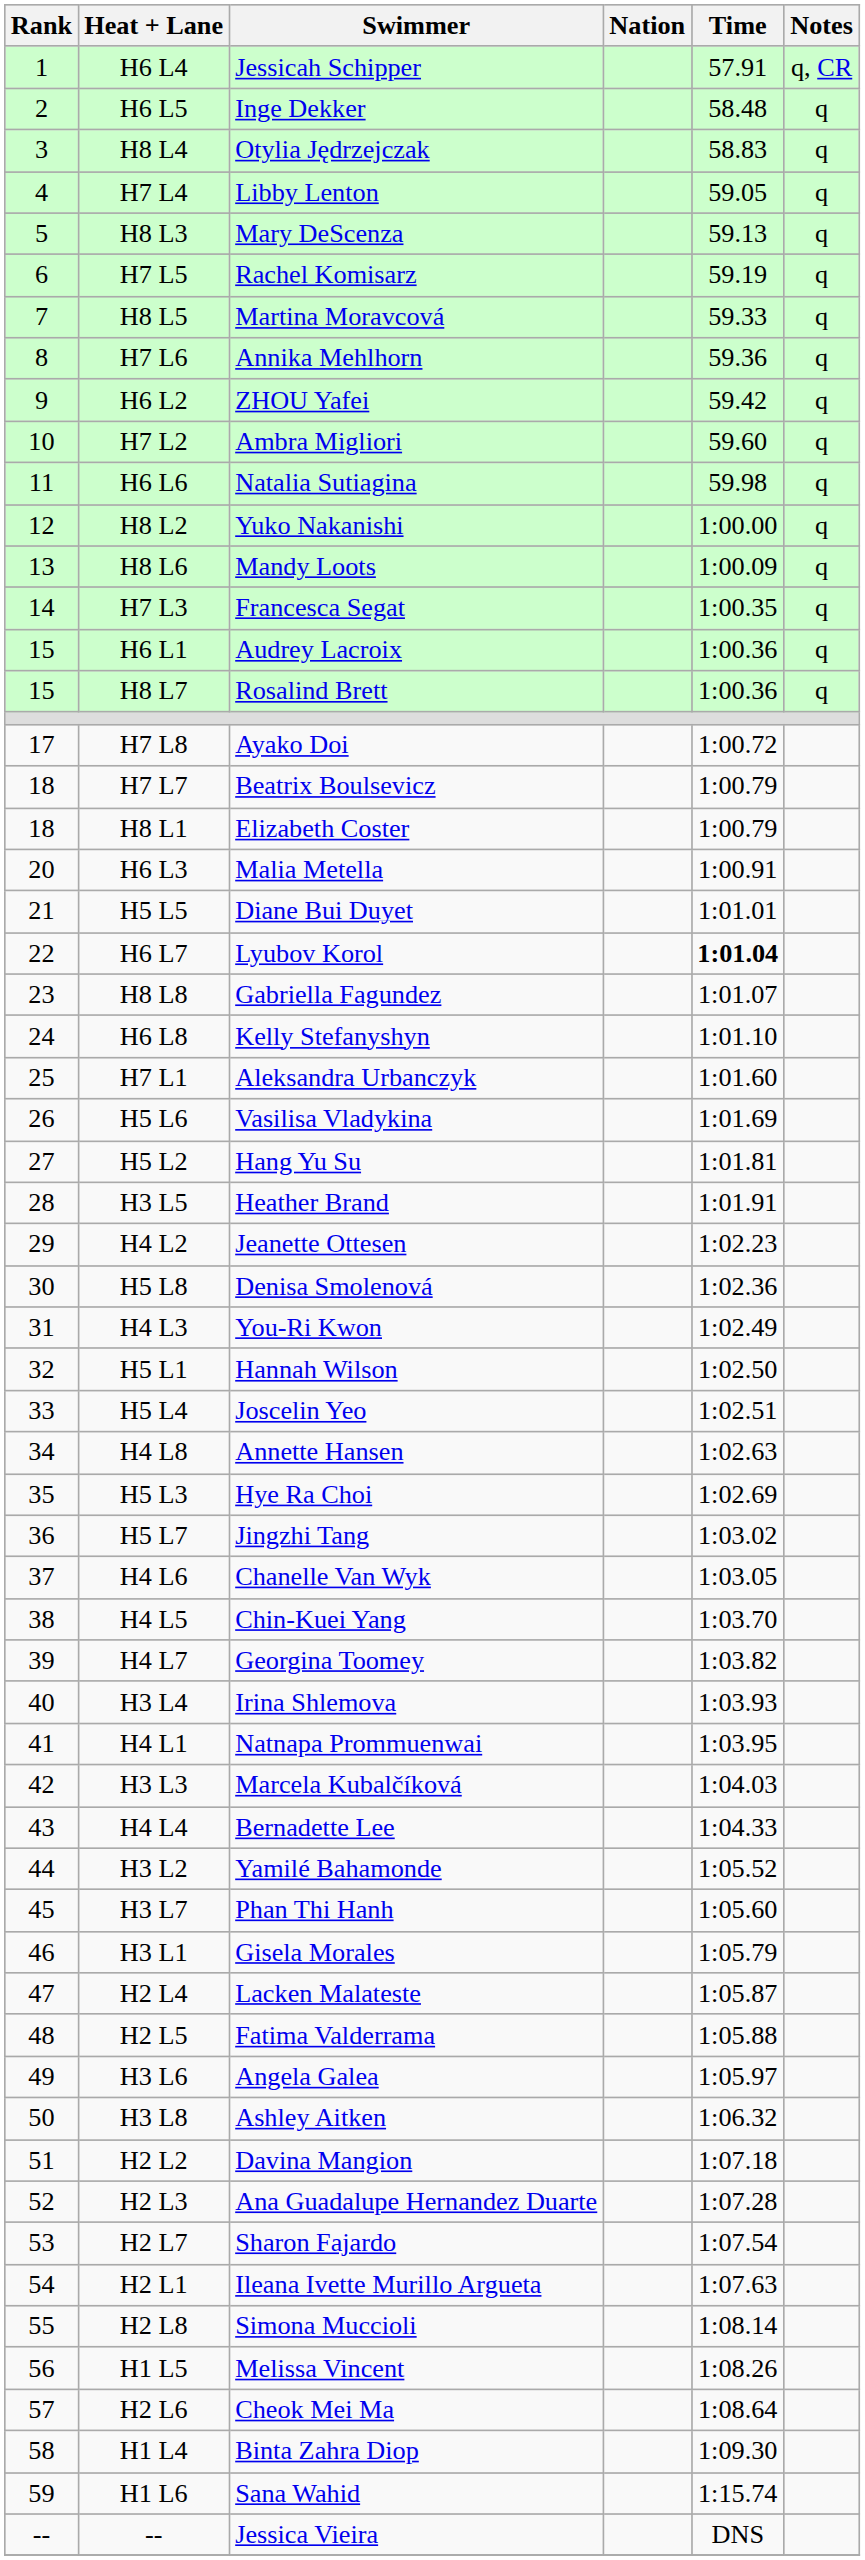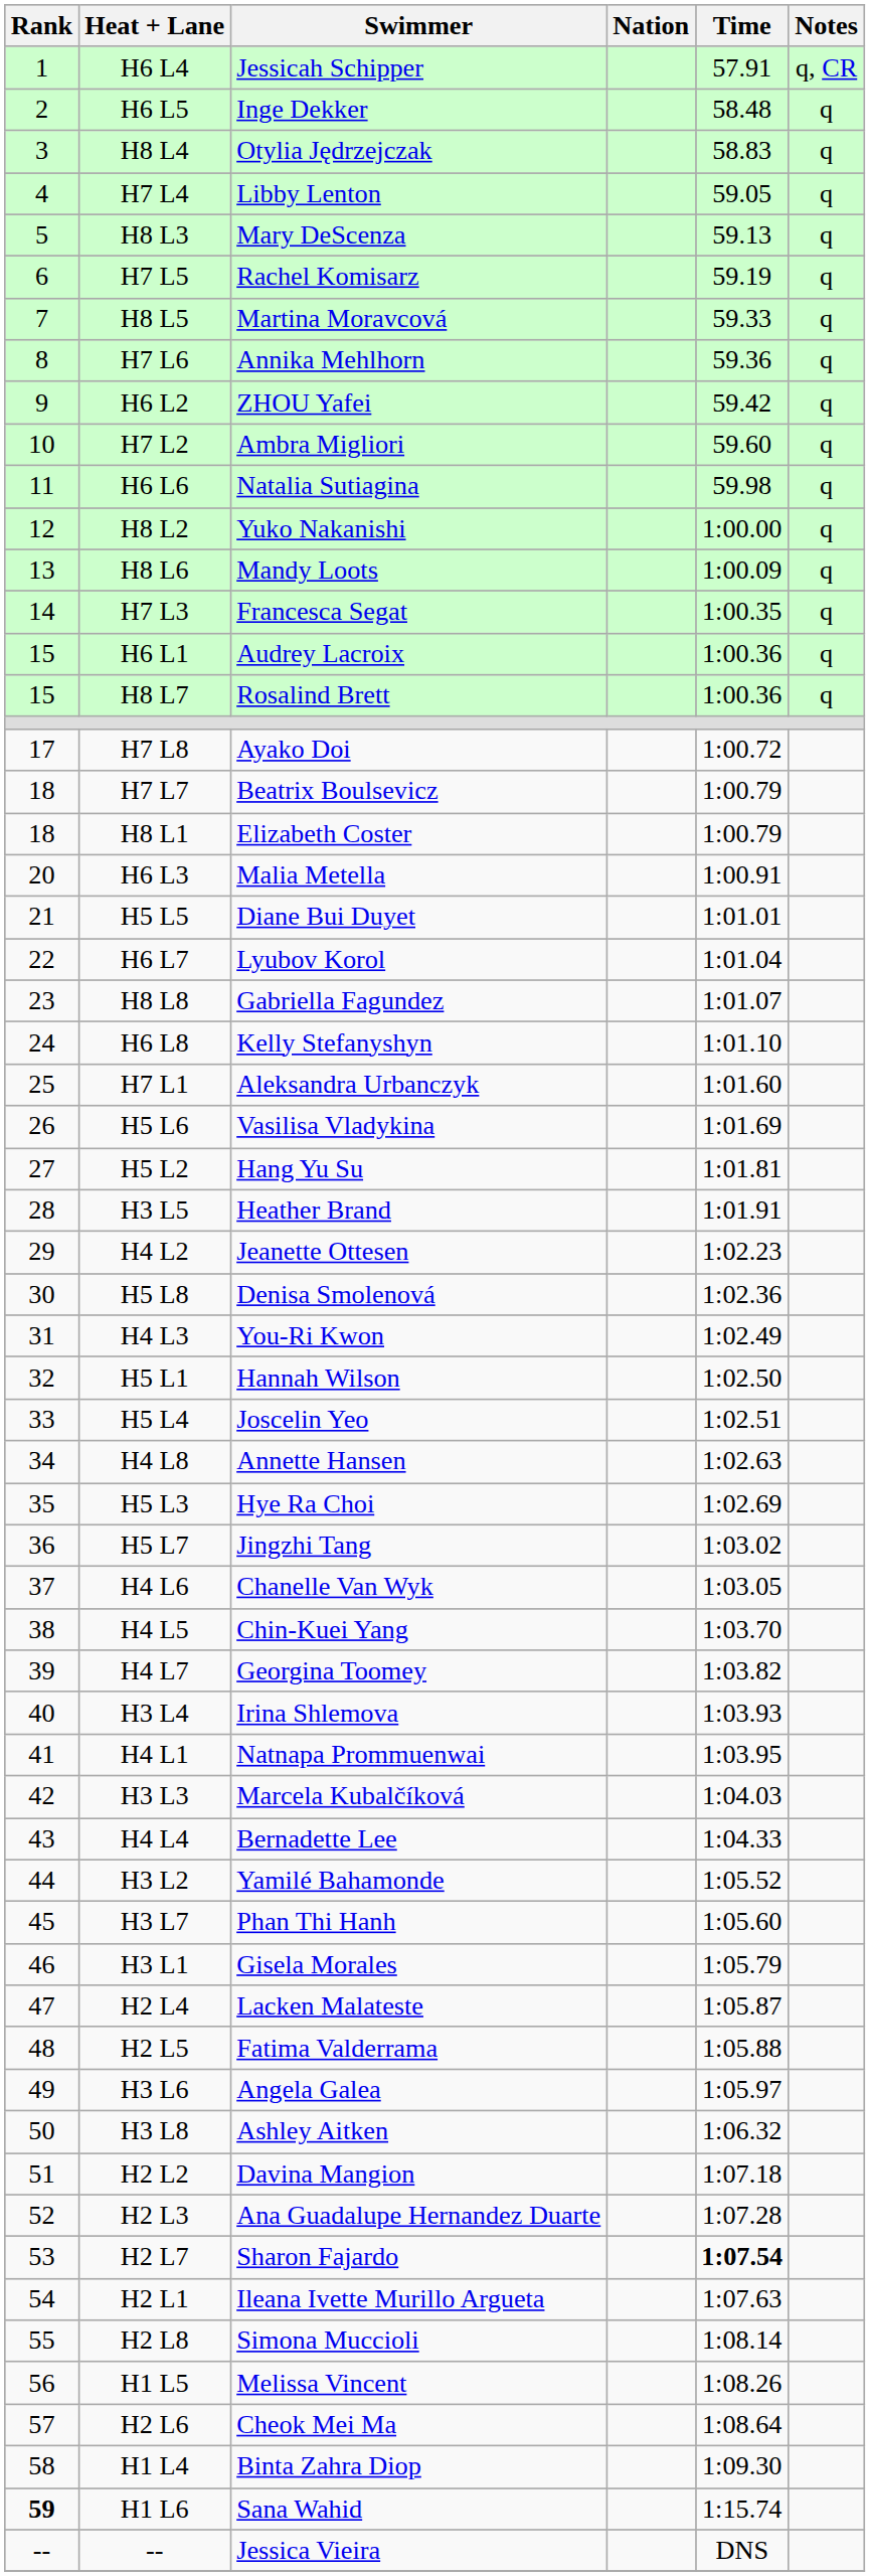 <table class="wikitable sortable" style="text-align:center">
 <tr>
 <th>Rank</th>
 <th>Heat + Lane</th>
 <th>Swimmer</th>
 <th>Nation</th>
 <th>Time</th>
 <th>Notes</th>
 </tr>
 <tr bgcolor=ccffcc>
 <td>1</td>
 <td>H6 L4</td>
 <td align=left><a href='#'>Jessicah Schipper</a></td>
 <td align=left></td>
 <td>57.91</td>
 <td>q, <a href='#'>CR</a></td>
 </tr>
 <tr bgcolor=ccffcc>
 <td>2</td>
 <td>H6 L5</td>
 <td align=left><a href='#'>Inge Dekker</a></td>
 <td align=left></td>
 <td>58.48</td>
 <td>q</td>
 </tr>
 <tr bgcolor=ccffcc>
 <td>3</td>
 <td>H8 L4</td>
 <td align=left><a href='#'>Otylia Jędrzejczak</a></td>
 <td align=left></td>
 <td>58.83</td>
 <td>q</td>
 </tr>
 <tr bgcolor=ccffcc>
 <td>4</td>
 <td>H7 L4</td>
 <td align=left><a href='#'>Libby Lenton</a></td>
 <td align=left></td>
 <td>59.05</td>
 <td>q</td>
 </tr>
 <tr bgcolor=ccffcc>
 <td>5</td>
 <td>H8 L3</td>
 <td align=left><a href='#'>Mary DeScenza</a></td>
 <td align=left></td>
 <td>59.13</td>
 <td>q</td>
 </tr>
 <tr bgcolor=ccffcc>
 <td>6</td>
 <td>H7 L5</td>
 <td align=left><a href='#'>Rachel Komisarz</a></td>
 <td align=left></td>
 <td>59.19</td>
 <td>q</td>
 </tr>
 <tr bgcolor=ccffcc>
 <td>7</td>
 <td>H8 L5</td>
 <td align=left><a href='#'>Martina Moravcová</a></td>
 <td align=left></td>
 <td>59.33</td>
 <td>q</td>
 </tr>
 <tr bgcolor=ccffcc>
 <td>8</td>
 <td>H7 L6</td>
 <td align=left><a href='#'>Annika Mehlhorn</a></td>
 <td align=left></td>
 <td>59.36</td>
 <td>q</td>
 </tr>
 <tr bgcolor=ccffcc>
 <td>9</td>
 <td>H6 L2</td>
 <td align=left><a href='#'>ZHOU Yafei</a></td>
 <td align=left></td>
 <td>59.42</td>
 <td>q</td>
 </tr>
 <tr bgcolor=ccffcc>
 <td>10</td>
 <td>H7 L2</td>
 <td align=left><a href='#'>Ambra Migliori</a></td>
 <td align=left></td>
 <td>59.60</td>
 <td>q</td>
 </tr>
 <tr bgcolor=ccffcc>
 <td>11</td>
 <td>H6 L6</td>
 <td align=left><a href='#'>Natalia Sutiagina</a></td>
 <td align=left></td>
 <td>59.98</td>
 <td>q</td>
 </tr>
 <tr bgcolor=ccffcc>
 <td>12</td>
 <td>H8 L2</td>
 <td align=left><a href='#'>Yuko Nakanishi</a></td>
 <td align=left></td>
 <td>1:00.00</td>
 <td>q</td>
 </tr>
 <tr bgcolor=ccffcc>
 <td>13</td>
 <td>H8 L6</td>
 <td align=left><a href='#'>Mandy Loots</a></td>
 <td align=left></td>
 <td>1:00.09</td>
 <td>q</td>
 </tr>
 <tr bgcolor=ccffcc>
 <td>14</td>
 <td>H7 L3</td>
 <td align=left><a href='#'>Francesca Segat</a></td>
 <td align=left></td>
 <td>1:00.35</td>
 <td>q</td>
 </tr>
 <tr bgcolor=ccffcc>
 <td>15</td>
 <td>H6 L1</td>
 <td align=left><a href='#'>Audrey Lacroix</a></td>
 <td align=left></td>
 <td>1:00.36</td>
 <td>q</td>
 </tr>
 <tr bgcolor=ccffcc>
 <td>15</td>
 <td>H8 L7</td>
 <td align=left><a href='#'>Rosalind Brett</a></td>
 <td align=left></td>
 <td>1:00.36</td>
 <td>q</td>
 </tr>
 <tr bgcolor=#DDDDDD>
 <td colspan=6></td>
 </tr>
 <tr>
 <td>17</td>
 <td>H7 L8</td>
 <td align=left><a href='#'>Ayako Doi</a></td>
 <td align=left></td>
 <td>1:00.72</td>
 <td></td>
 </tr>
 <tr>
 <td>18</td>
 <td>H7 L7</td>
 <td align=left><a href='#'>Beatrix Boulsevicz</a></td>
 <td align=left></td>
 <td>1:00.79</td>
 <td></td>
 </tr>
 <tr>
 <td>18</td>
 <td>H8 L1</td>
 <td align=left><a href='#'>Elizabeth Coster</a></td>
 <td align=left></td>
 <td>1:00.79</td>
 <td></td>
 </tr>
 <tr>
 <td>20</td>
 <td>H6 L3</td>
 <td align=left><a href='#'>Malia Metella</a></td>
 <td align=left></td>
 <td>1:00.91</td>
 <td></td>
 </tr>
 <tr>
 <td>21</td>
 <td>H5 L5</td>
 <td align=left><a href='#'>Diane Bui Duyet</a></td>
 <td align=left></td>
 <td>1:01.01</td>
 <td></td>
 </tr>
 <tr>
 <td>22</td>
 <td>H6 L7</td>
 <td align=left><a href='#'>Lyubov Korol</a></td>
 <td align=left></td>
-<td><strong>1:01.04</strong></td>
+<td>1:01.04</td>
 <td></td>
 </tr>
 <tr>
 <td>23</td>
 <td>H8 L8</td>
 <td align=left><a href='#'>Gabriella Fagundez</a></td>
 <td align=left></td>
 <td>1:01.07</td>
 <td></td>
 </tr>
 <tr>
 <td>24</td>
 <td>H6 L8</td>
 <td align=left><a href='#'>Kelly Stefanyshyn</a></td>
 <td align=left></td>
 <td>1:01.10</td>
 <td></td>
 </tr>
 <tr>
 <td>25</td>
 <td>H7 L1</td>
 <td align=left><a href='#'>Aleksandra Urbanczyk</a></td>
 <td align=left></td>
 <td>1:01.60</td>
 <td></td>
 </tr>
 <tr>
 <td>26</td>
 <td>H5 L6</td>
 <td align=left><a href='#'>Vasilisa Vladykina</a></td>
 <td align=left></td>
 <td>1:01.69</td>
 <td></td>
 </tr>
 <tr>
 <td>27</td>
 <td>H5 L2</td>
 <td align=left><a href='#'>Hang Yu Su</a></td>
 <td align=left></td>
 <td>1:01.81</td>
 <td></td>
 </tr>
 <tr>
 <td>28</td>
 <td>H3 L5</td>
 <td align=left><a href='#'>Heather Brand</a></td>
 <td align=left></td>
 <td>1:01.91</td>
 <td></td>
 </tr>
 <tr>
 <td>29</td>
 <td>H4 L2</td>
 <td align=left><a href='#'>Jeanette Ottesen</a></td>
 <td align=left></td>
 <td>1:02.23</td>
 <td></td>
 </tr>
 <tr>
 <td>30</td>
 <td>H5 L8</td>
 <td align=left><a href='#'>Denisa Smolenová</a></td>
 <td align=left></td>
 <td>1:02.36</td>
 <td></td>
 </tr>
 <tr>
 <td>31</td>
 <td>H4 L3</td>
 <td align=left><a href='#'>You-Ri Kwon</a></td>
 <td align=left></td>
 <td>1:02.49</td>
 <td></td>
 </tr>
 <tr>
 <td>32</td>
 <td>H5 L1</td>
 <td align=left><a href='#'>Hannah Wilson</a></td>
 <td align=left></td>
 <td>1:02.50</td>
 <td></td>
 </tr>
 <tr>
 <td>33</td>
 <td>H5 L4</td>
 <td align=left><a href='#'>Joscelin Yeo</a></td>
 <td align=left></td>
 <td>1:02.51</td>
 <td></td>
 </tr>
 <tr>
 <td>34</td>
 <td>H4 L8</td>
 <td align=left><a href='#'>Annette Hansen</a></td>
 <td align=left></td>
 <td>1:02.63</td>
 <td></td>
 </tr>
 <tr>
 <td>35</td>
 <td>H5 L3</td>
 <td align=left><a href='#'>Hye Ra Choi</a></td>
 <td align=left></td>
 <td>1:02.69</td>
 <td></td>
 </tr>
 <tr>
 <td>36</td>
 <td>H5 L7</td>
 <td align=left><a href='#'>Jingzhi Tang</a></td>
 <td align=left></td>
 <td>1:03.02</td>
 <td></td>
 </tr>
 <tr>
 <td>37</td>
 <td>H4 L6</td>
 <td align=left><a href='#'>Chanelle Van Wyk</a></td>
 <td align=left></td>
 <td>1:03.05</td>
 <td></td>
 </tr>
 <tr>
 <td>38</td>
 <td>H4 L5</td>
 <td align=left><a href='#'>Chin-Kuei Yang</a></td>
 <td align=left></td>
 <td>1:03.70</td>
 <td></td>
 </tr>
 <tr>
 <td>39</td>
 <td>H4 L7</td>
 <td align=left><a href='#'>Georgina Toomey</a></td>
 <td align=left></td>
 <td>1:03.82</td>
 <td></td>
 </tr>
 <tr>
 <td>40</td>
 <td>H3 L4</td>
 <td align=left><a href='#'>Irina Shlemova</a></td>
 <td align=left></td>
 <td>1:03.93</td>
 <td></td>
 </tr>
 <tr>
 <td>41</td>
 <td>H4 L1</td>
 <td align=left><a href='#'>Natnapa Prommuenwai</a></td>
 <td align=left></td>
 <td>1:03.95</td>
 <td></td>
 </tr>
 <tr>
 <td>42</td>
 <td>H3 L3</td>
 <td align=left><a href='#'>Marcela Kubalčíková</a></td>
 <td align=left></td>
 <td>1:04.03</td>
 <td></td>
 </tr>
 <tr>
 <td>43</td>
 <td>H4 L4</td>
 <td align=left><a href='#'>Bernadette Lee</a></td>
 <td align=left></td>
 <td>1:04.33</td>
 <td></td>
 </tr>
 <tr>
 <td>44</td>
 <td>H3 L2</td>
 <td align=left><a href='#'>Yamilé Bahamonde</a></td>
 <td align=left></td>
 <td>1:05.52</td>
 <td></td>
 </tr>
 <tr>
 <td>45</td>
 <td>H3 L7</td>
 <td align=left><a href='#'>Phan Thi Hanh</a></td>
 <td align=left></td>
 <td>1:05.60</td>
 <td></td>
 </tr>
 <tr>
 <td>46</td>
 <td>H3 L1</td>
 <td align=left><a href='#'>Gisela Morales</a></td>
 <td align=left></td>
 <td>1:05.79</td>
 <td></td>
 </tr>
 <tr>
 <td>47</td>
 <td>H2 L4</td>
 <td align=left><a href='#'>Lacken Malateste</a></td>
 <td align=left></td>
 <td>1:05.87</td>
 <td></td>
 </tr>
 <tr>
 <td>48</td>
 <td>H2 L5</td>
 <td align=left><a href='#'>Fatima Valderrama</a></td>
 <td align=left></td>
 <td>1:05.88</td>
 <td></td>
 </tr>
 <tr>
 <td>49</td>
 <td>H3 L6</td>
 <td align=left><a href='#'>Angela Galea</a></td>
 <td align=left></td>
 <td>1:05.97</td>
 <td></td>
 </tr>
 <tr>
 <td>50</td>
 <td>H3 L8</td>
 <td align=left><a href='#'>Ashley Aitken</a></td>
 <td align=left></td>
 <td>1:06.32</td>
 <td></td>
 </tr>
 <tr>
 <td>51</td>
 <td>H2 L2</td>
 <td align=left><a href='#'>Davina Mangion</a></td>
 <td align=left></td>
 <td>1:07.18</td>
 <td></td>
 </tr>
 <tr>
 <td>52</td>
 <td>H2 L3</td>
 <td align=left><a href='#'>Ana Guadalupe Hernandez Duarte</a></td>
 <td align=left></td>
 <td>1:07.28</td>
 <td></td>
 </tr>
 <tr>
 <td>53</td>
 <td>H2 L7</td>
 <td align=left><a href='#'>Sharon Fajardo</a></td>
 <td align=left></td>
-<td>1:07.54</td>
+<td><strong>1:07.54</strong></td>
 <td></td>
 </tr>
 <tr>
 <td>54</td>
 <td>H2 L1</td>
 <td align=left><a href='#'>Ileana Ivette Murillo Argueta</a></td>
 <td align=left></td>
 <td>1:07.63</td>
 <td></td>
 </tr>
 <tr>
 <td>55</td>
 <td>H2 L8</td>
 <td align=left><a href='#'>Simona Muccioli</a></td>
 <td align=left></td>
 <td>1:08.14</td>
 <td></td>
 </tr>
 <tr>
 <td>56</td>
 <td>H1 L5</td>
 <td align=left><a href='#'>Melissa Vincent</a></td>
 <td align=left></td>
 <td>1:08.26</td>
 <td></td>
 </tr>
 <tr>
 <td>57</td>
 <td>H2 L6</td>
 <td align=left><a href='#'>Cheok Mei Ma</a></td>
 <td align=left></td>
 <td>1:08.64</td>
 <td></td>
 </tr>
 <tr>
 <td>58</td>
 <td>H1 L4</td>
 <td align=left><a href='#'>Binta Zahra Diop</a></td>
 <td align=left></td>
 <td>1:09.30</td>
 <td></td>
 </tr>
 <tr>
-<td>59</td>
+<td><strong>59</strong></td>
 <td>H1 L6</td>
 <td align=left><a href='#'>Sana Wahid</a></td>
 <td align=left></td>
 <td>1:15.74</td>
 <td></td>
 </tr>
 <tr>
 <td>--</td>
 <td>--</td>
 <td align=left><a href='#'>Jessica Vieira</a></td>
 <td align=left></td>
 <td>DNS</td>
 <td></td>
 </tr>
 <tr>
 </tr>
 </table>
